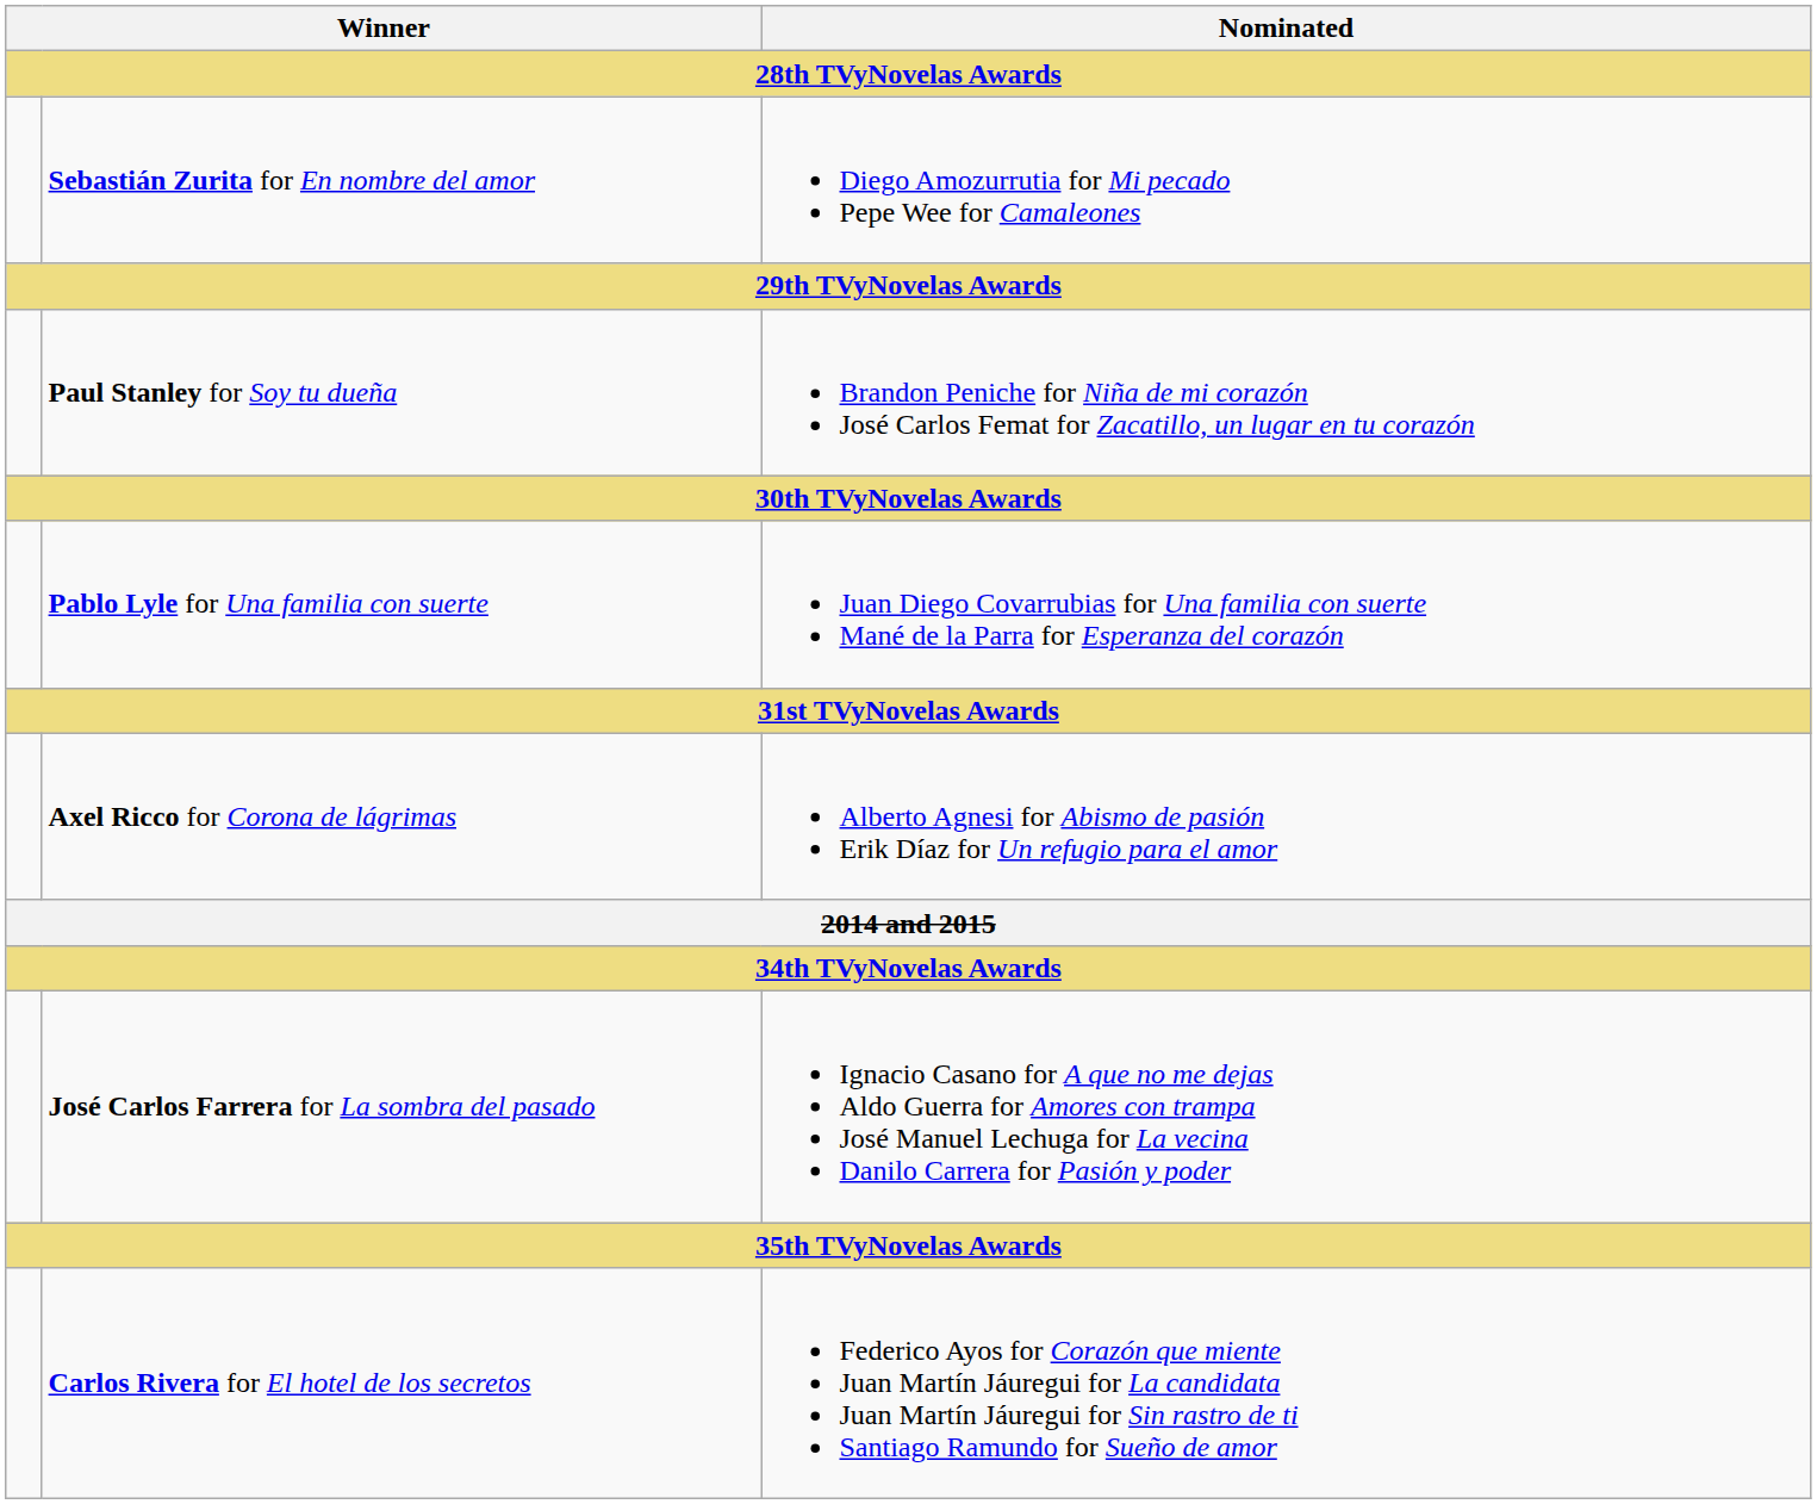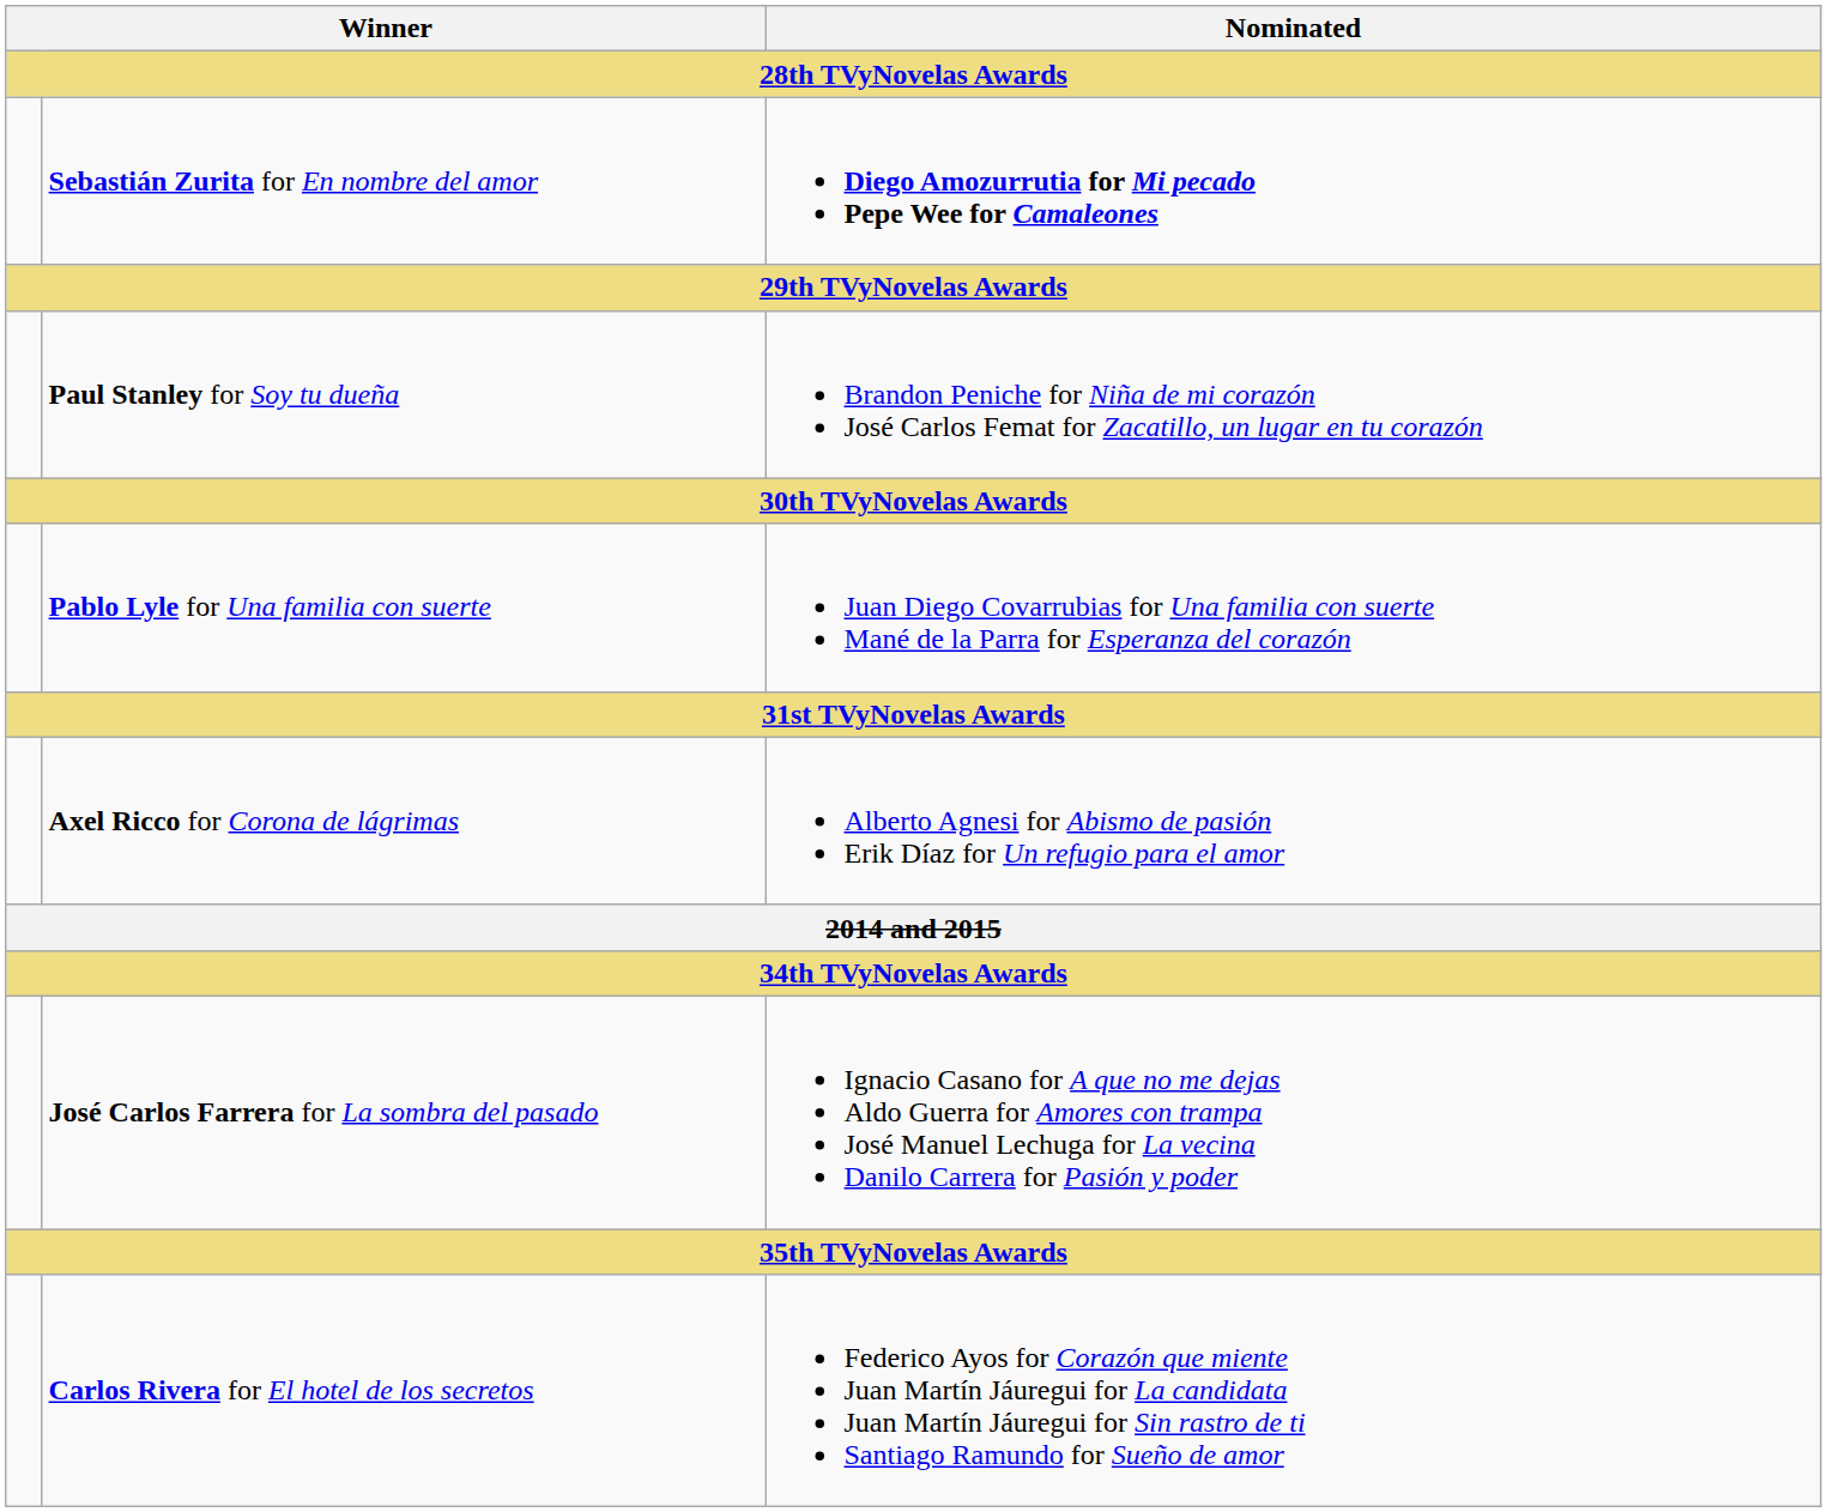 <table class="wikitable" width=80%>
 <tr align=center>
 <th width="150px;" colspan=2; align="center">Winner</th>
 <th width="580px;" align="center">Nominated</th>
 </tr>
 <tr>
 <th colspan=9 style="background:#EEDD82;"  align="center"><strong><a href='#'>28th TVyNovelas Awards</a></strong></th>
 </tr>
 <tr>
 <td width=2%></td>
 <td><strong><a href='#'>Sebastián Zurita</a></strong> for <em><a href='#'>En nombre del amor</a></em></td>
-<td><br><ul><li><a href='#'>Diego Amozurrutia</a> for <em><a href='#'>Mi pecado</a></em></li><li>Pepe Wee for <em><a href='#'>Camaleones</a></em></li></ul></td>
+<td><strong><br><ul><li><a href='#'>Diego Amozurrutia</a> for <em><a href='#'>Mi pecado</a></em></li><li>Pepe Wee for <em><a href='#'>Camaleones</a></em></li></ul></strong></td>
 </tr>
 <tr>
 <th colspan=9 style="background:#EEDD82;"  align="center"><strong><a href='#'>29th TVyNovelas Awards</a></strong></th>
 </tr>
 <tr>
 <td width=2%></td>
 <td><strong>Paul Stanley</strong> for <em><a href='#'>Soy tu dueña</a></em></td>
 <td><br><ul><li><a href='#'>Brandon Peniche</a> for <em><a href='#'>Niña de mi corazón</a></em></li><li>José Carlos Femat for <em><a href='#'>Zacatillo, un lugar en tu corazón</a></em></li></ul></td>
 </tr>
 <tr>
 <th colspan=9 style="background:#EEDD82;"  align="center"><strong><a href='#'>30th TVyNovelas Awards</a></strong></th>
 </tr>
 <tr>
 <td width=2%></td>
 <td><strong><a href='#'>Pablo Lyle</a></strong> for <em><a href='#'>Una familia con suerte</a></em></td>
 <td><br><ul><li><a href='#'>Juan Diego Covarrubias</a> for <em><a href='#'>Una familia con suerte</a></em></li><li><a href='#'>Mané de la Parra</a> for <em><a href='#'>Esperanza del corazón</a></em></li></ul></td>
 </tr>
 <tr>
 <th colspan=9 style="background:#EEDD82;"  align="center"><strong><a href='#'>31st TVyNovelas Awards</a></strong></th>
 </tr>
 <tr>
 <td width=2%></td>
 <td><strong>Axel Ricco</strong> for <em><a href='#'>Corona de lágrimas</a></em></td>
 <td><br><ul><li><a href='#'>Alberto Agnesi</a> for <em><a href='#'>Abismo de pasión</a></em></li><li>Erik Díaz for <em><a href='#'>Un refugio para el amor</a></em></li></ul></td>
 </tr>
 <tr>
 <th colspan=9 align="center"><s>2014 and 2015</s></th>
 </tr>
 <tr>
 <th colspan=9 style="background:#EEDD82;"  align="center"><strong><a href='#'>34th TVyNovelas Awards</a></strong></th>
 </tr>
 <tr>
 <td width=2%></td>
 <td><strong>José Carlos Farrera</strong> for <em><a href='#'>La sombra del pasado</a></em></td>
 <td><br><ul><li>Ignacio Casano for <em><a href='#'>A que no me dejas</a></em></li><li>Aldo Guerra for <em><a href='#'>Amores con trampa</a></em></li><li>José Manuel Lechuga for <em><a href='#'>La vecina</a></em></li><li><a href='#'>Danilo Carrera</a> for <em><a href='#'>Pasión y poder</a></em></li></ul></td>
 </tr>
 <tr>
 <th colspan=9 style="background:#EEDD82;"  align="center"><strong><a href='#'>35th TVyNovelas Awards</a></strong></th>
 </tr>
 <tr>
 <td width=2%></td>
 <td><strong><a href='#'>Carlos Rivera</a></strong> for <em><a href='#'>El hotel de los secretos</a></em></td>
 <td><br><ul><li>Federico Ayos for <em><a href='#'>Corazón que miente</a></em></li><li>Juan Martín Jáuregui for <em><a href='#'>La candidata</a></em></li><li>Juan Martín Jáuregui for <em><a href='#'>Sin rastro de ti</a></em></li><li><a href='#'>Santiago Ramundo</a> for <em><a href='#'>Sueño de amor</a></em></li></ul></td>
 </tr>
 </table>
